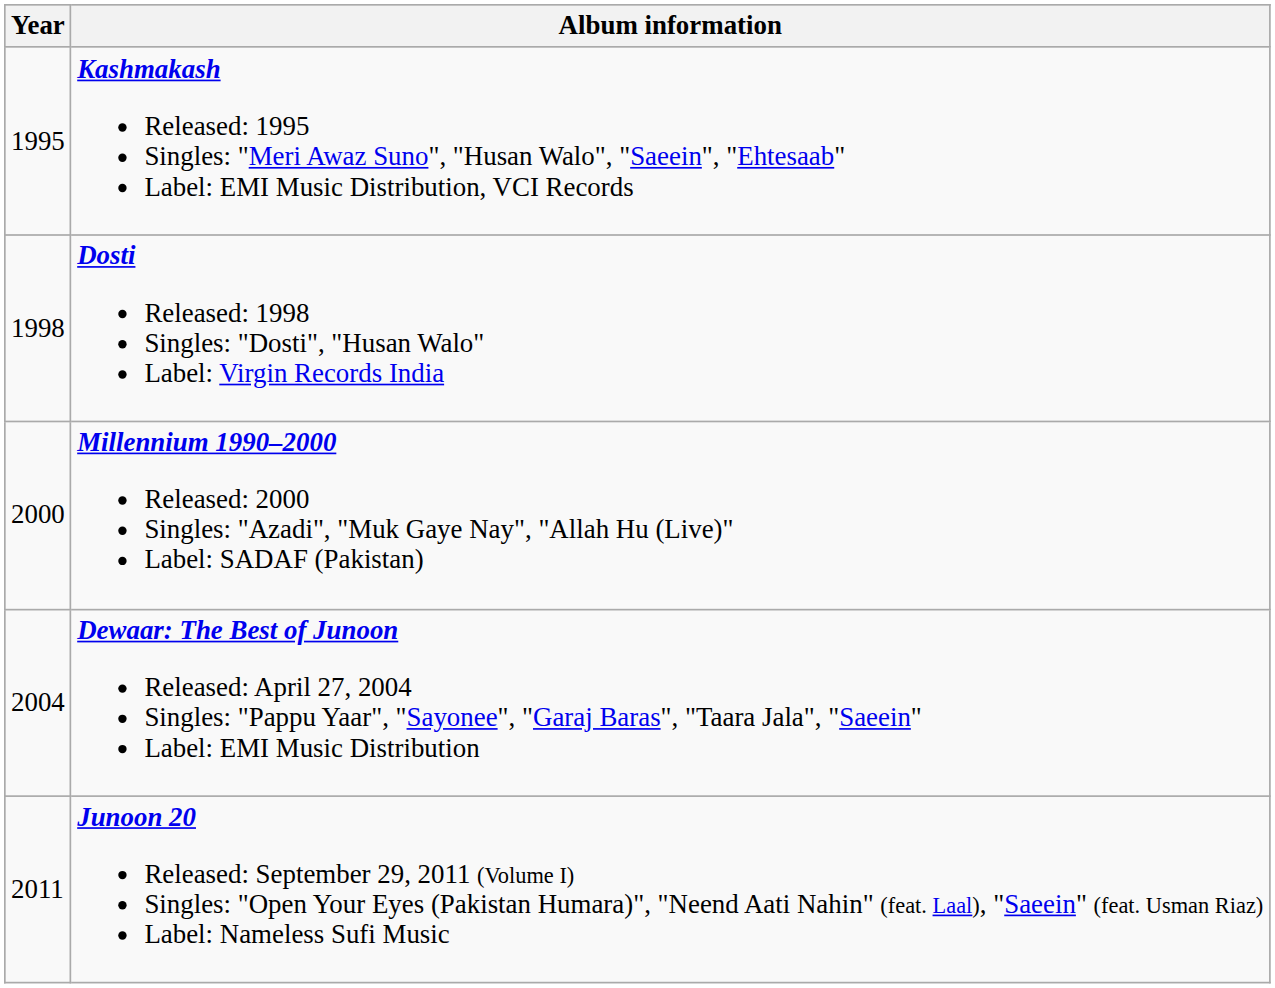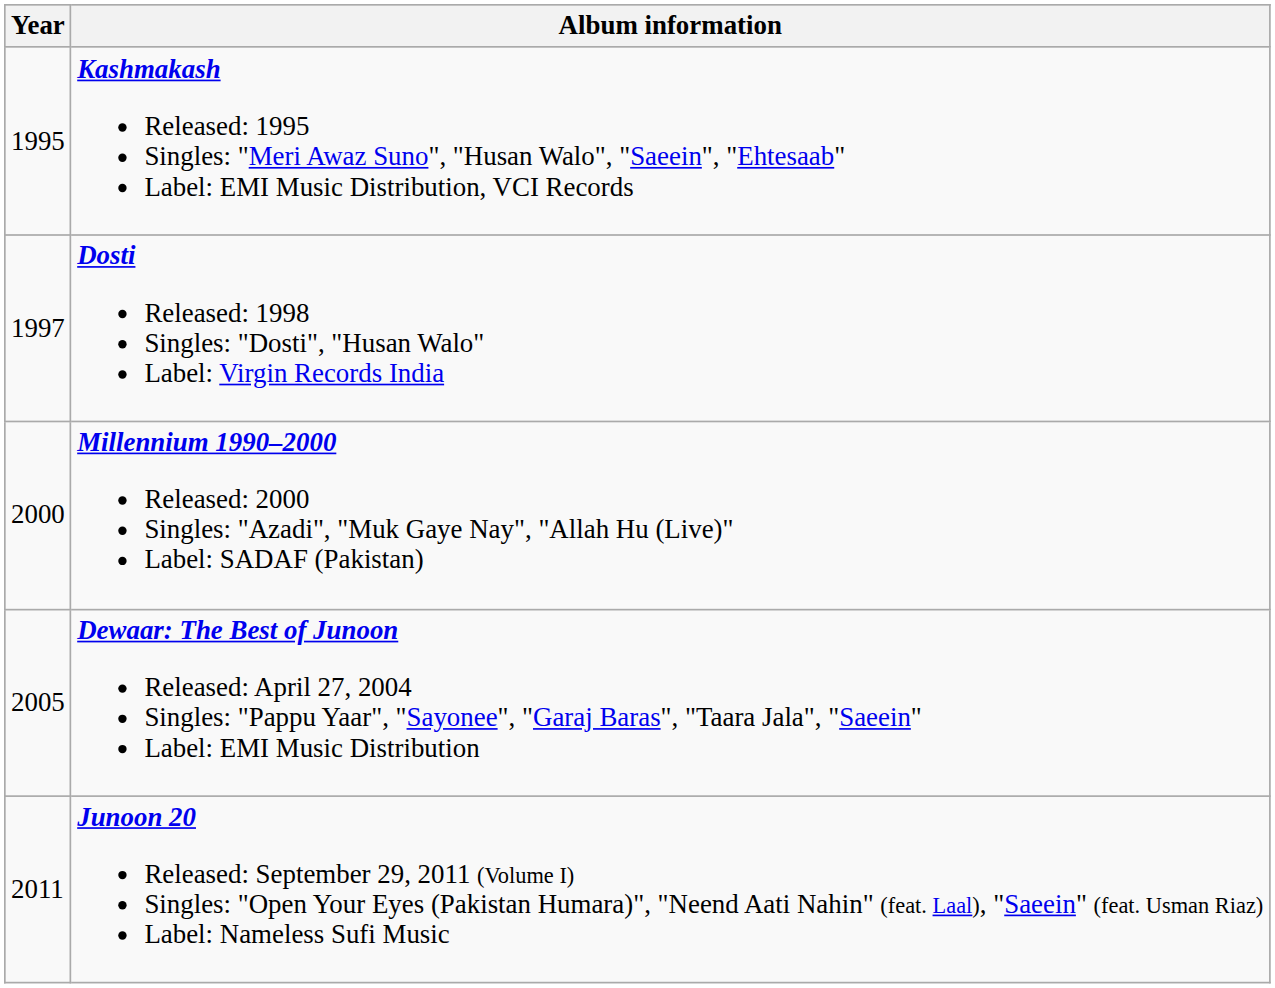 <table class="wikitable">
 <tr>
 <th>Year</th>
 <th>Album information</th>
 </tr>
 <tr>
 <td>1995</td>
 <td><strong><em><a href='#'>Kashmakash</a></em></strong><br><ul><li>Released: 1995</li><li>Singles: "<a href='#'>Meri Awaz Suno</a>", "Husan Walo", "<a href='#'>Saeein</a>", "<a href='#'>Ehtesaab</a>"</li><li>Label: EMI Music Distribution, VCI Records</li></ul></td>
 </tr>
 <tr>
-<td>1998</td>
+<td>1997</td>
 <td><strong><em><a href='#'>Dosti</a></em></strong><br><ul><li>Released: 1998</li><li>Singles: "Dosti", "Husan Walo"</li><li>Label: <a href='#'>Virgin Records India</a></li></ul></td>
 </tr>
 <tr>
 <td>2000</td>
 <td><strong><em><a href='#'>Millennium 1990–2000</a></em></strong><br><ul><li>Released: 2000</li><li>Singles: "Azadi", "Muk Gaye Nay", "Allah Hu (Live)"</li><li>Label: SADAF (Pakistan)</li></ul></td>
 </tr>
 <tr>
-<td>2004</td>
+<td>2005</td>
 <td><strong><em><a href='#'>Dewaar: The Best of Junoon</a></em></strong><br><ul><li>Released: April 27, 2004</li><li>Singles: "Pappu Yaar", "<a href='#'>Sayonee</a>", "<a href='#'>Garaj Baras</a>", "Taara Jala", "<a href='#'>Saeein</a>"</li><li>Label: EMI Music Distribution</li></ul></td>
 </tr>
 <tr>
 <td>2011</td>
 <td><strong><em><a href='#'>Junoon 20</a></em></strong><br><ul><li>Released: September 29, 2011 <small>(Volume I)</small></li><li>Singles: "Open Your Eyes (Pakistan Humara)", "Neend Aati Nahin" <small>(feat. <a href='#'>Laal</a>)</small>, "<a href='#'>Saeein</a>" <small>(feat. Usman Riaz)</small></li><li>Label: Nameless Sufi Music</li></ul></td>
 </tr>
 </table>
